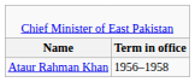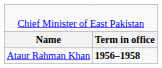 <table class="wikitable">
 <tr>
 <td style="text-align: center; background:#white;" colspan="4"> <br> <a href='#'>Chief Minister of East Pakistan</a></td>
 </tr>
 <tr>
 <th>Name</th>
 <th>Term in office</th>
 </tr>
 <tr>
 <td><a href='#'>Ataur Rahman Khan</a></td>
-<td>1956–1958</td>
+<td><strong>1956–1958</strong></td>
 </tr>
 </table>
